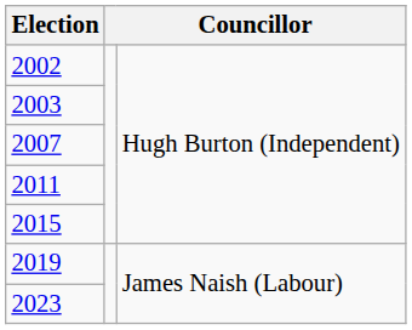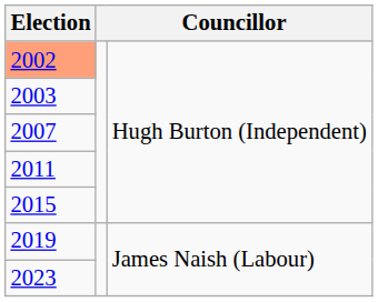 <table class="wikitable">
 <tr>
 <th>Election</th>
 <th colspan="2">Councillor</th>
 </tr>
 <tr>
-<td><a href='#'>2002</a></td>
+<td style="background: lightsalmon;"><a href='#'>2002</a></td>
 <td rowspan="5" style="background-color: "></td>
 <td rowspan="5">Hugh Burton (Independent)</td>
 </tr>
 <tr>
 <td><a href='#'>2003</a></td>
 </tr>
 <tr>
 <td><a href='#'>2007</a></td>
 </tr>
 <tr>
 <td><a href='#'>2011</a></td>
 </tr>
 <tr>
 <td><a href='#'>2015</a></td>
 </tr>
 <tr>
 <td><a href='#'>2019</a></td>
 <td rowspan="2" style="background-color: "></td>
 <td rowspan="2">James Naish (Labour)</td>
 </tr>
 <tr>
 <td><a href='#'>2023</a></td>
 </tr>
 </table>
